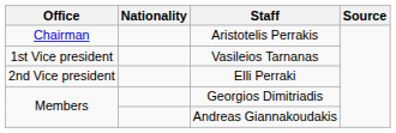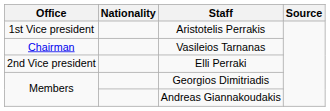 <table class="wikitable plainrowheaders sticky-header-multi sortable" style="text-align:center; margin:0px; margin-top:2px; font-size:85%; width=500px">
 <tr>
 <th>Office</th>
 <th>Nationality</th>
 <th>Staff</th>
 <th>Source</th>
 </tr>
 <tr>
-<td><a href='#'>Chairman</a></td>
+<td>1st Vice president</td>
 <td></td>
 <td>Aristotelis Perrakis</td>
 <td rowspan="5"></td>
 </tr>
 <tr>
-<td>1st Vice president</td>
+<td><a href='#'>Chairman</a></td>
 <td></td>
 <td>Vasileios Tarnanas</td>
 </tr>
 <tr>
 <td>2nd Vice president</td>
 <td></td>
 <td>Elli Perraki</td>
 </tr>
 <tr>
 <td rowspan="2">Members</td>
 <td></td>
 <td>Georgios Dimitriadis</td>
 </tr>
 <tr>
 <td></td>
 <td>Andreas Giannakoudakis</td>
 </tr>
 </table>
